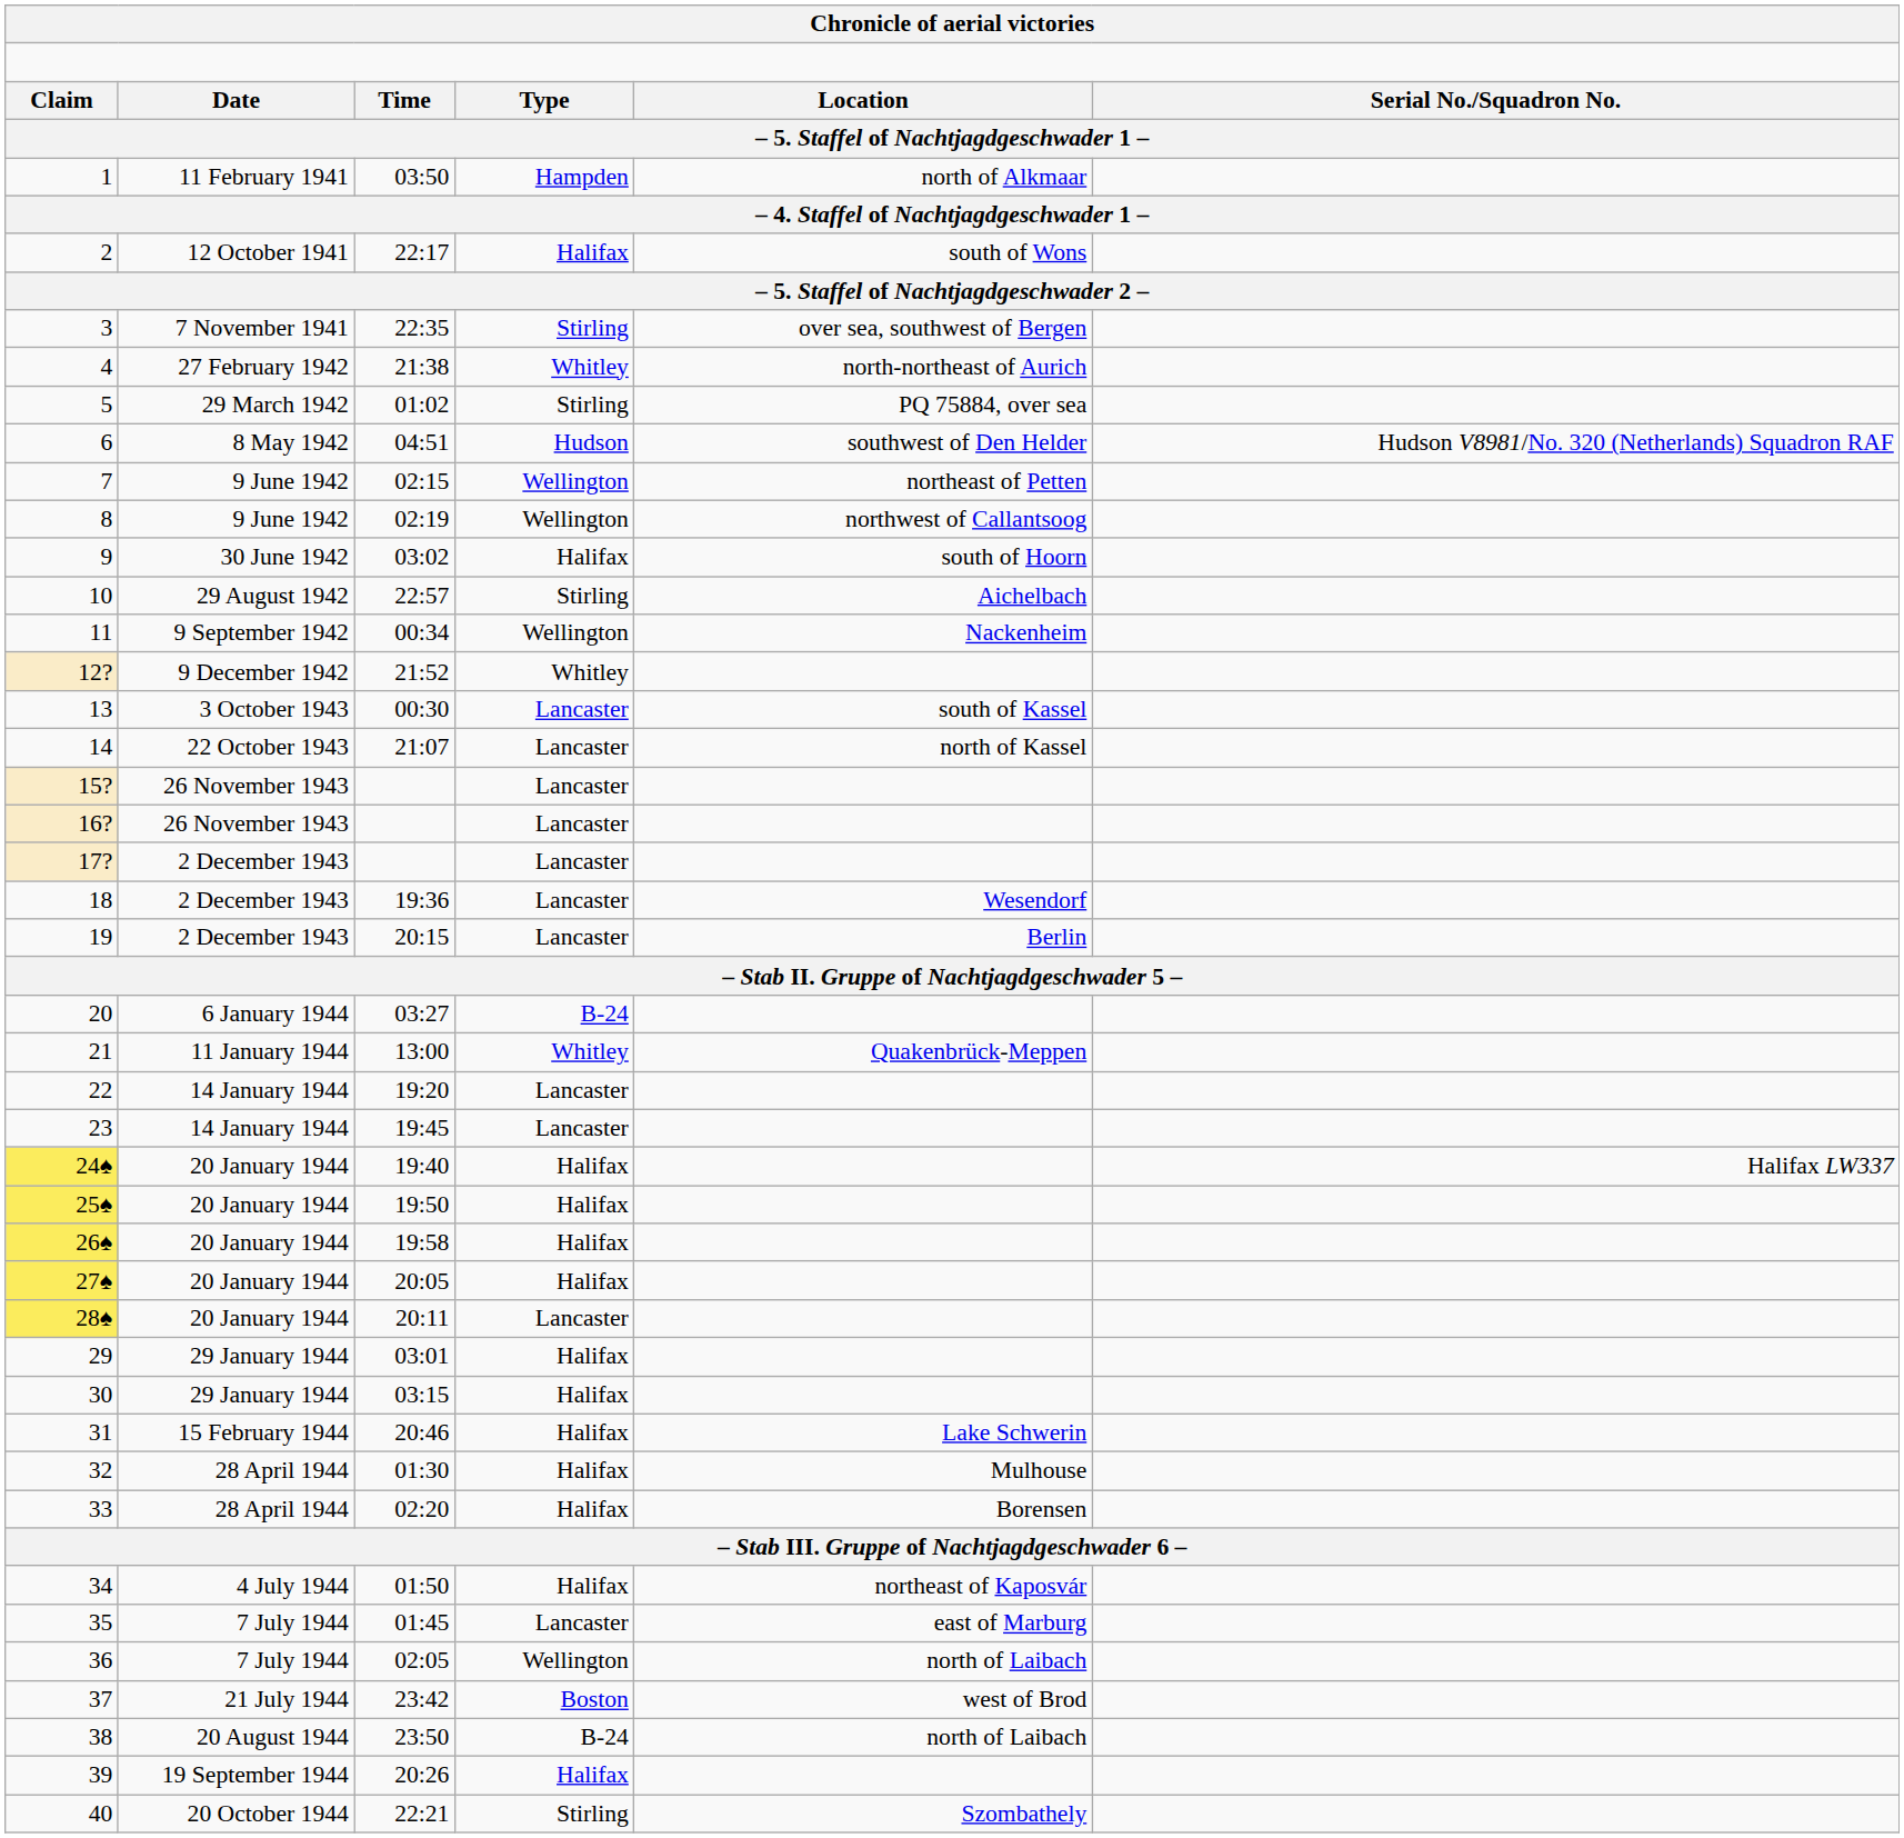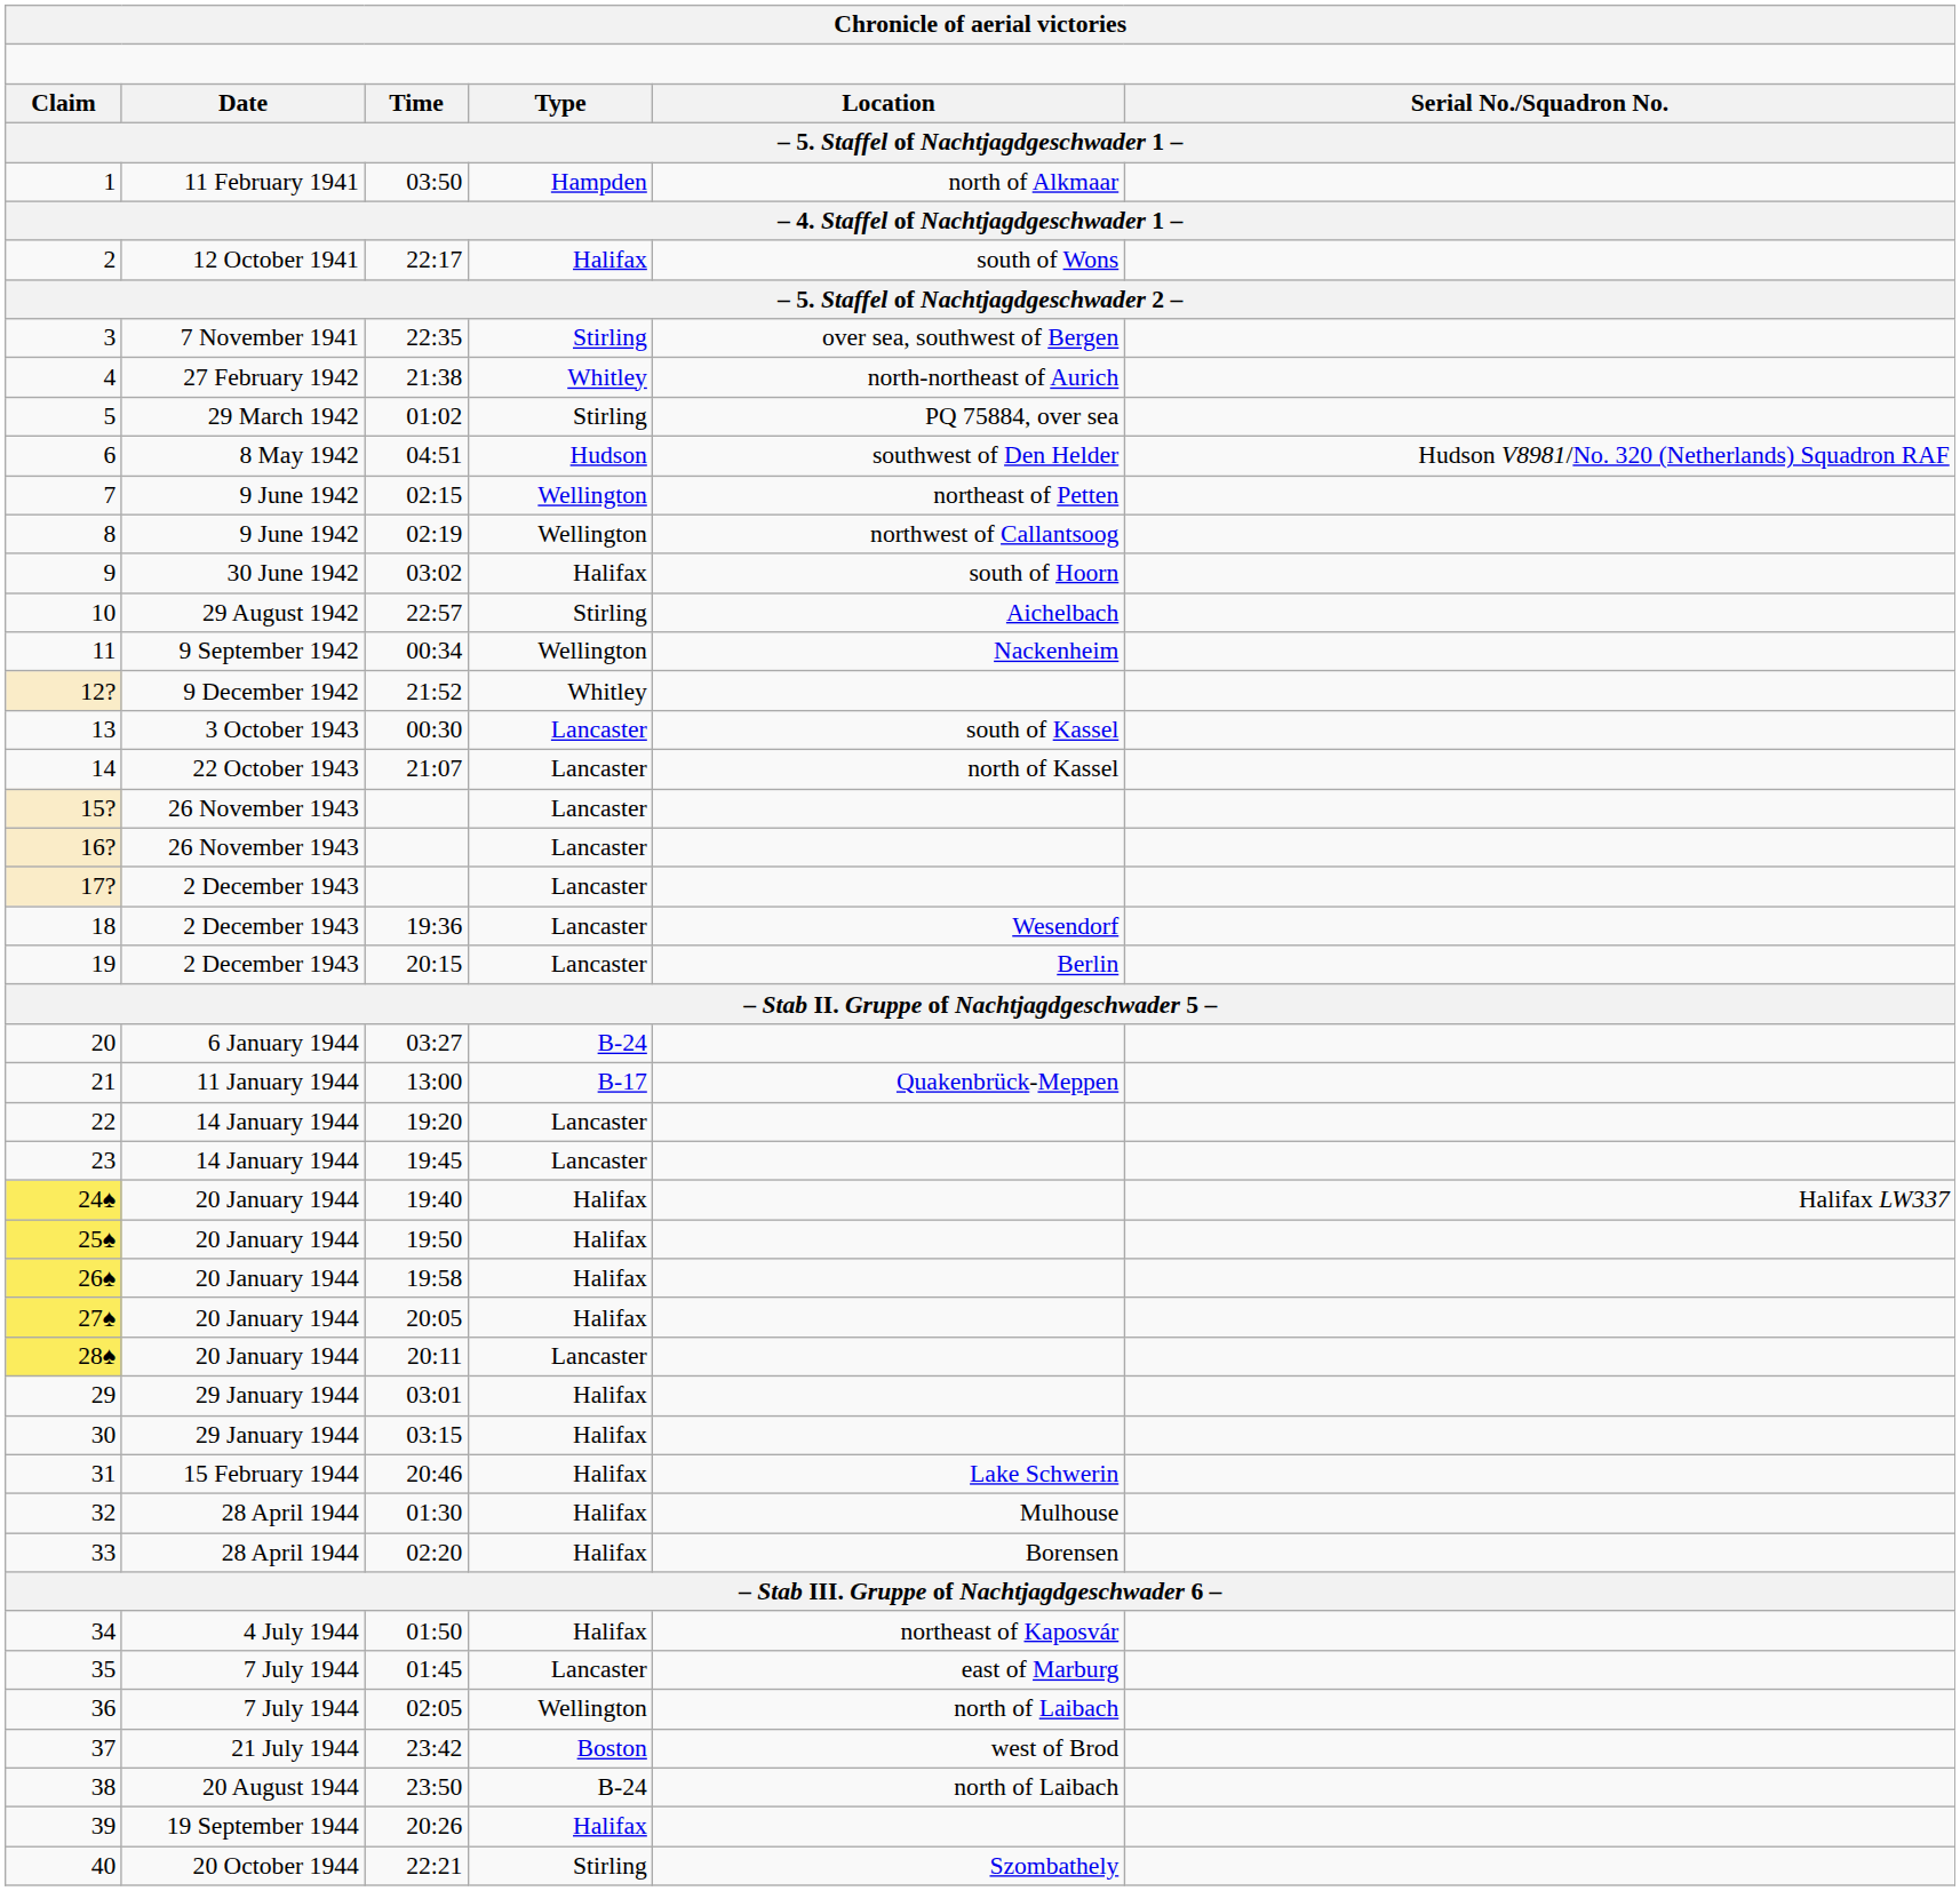 <table class="wikitable plainrowheaders collapsible" style="margin-left: auto; margin-right: auto; border: none; text-align:right; width: 100%;">
 <tr>
 <th colspan="6">Chronicle of aerial victories</th>
 </tr>
 <tr>
 <td colspan="6" style="text-align: left;"><br> </td>
 </tr>
 <tr>
 <th scope="col">Claim</th>
 <th scope="col" style="width:150px">Date</th>
 <th scope="col">Time</th>
 <th scope="col">Type</th>
 <th scope="col">Location</th>
 <th scope="col">Serial No./Squadron No.</th>
 </tr>
 <tr>
 <th colspan="6">– 5. <em>Staffel</em> of <em>Nachtjagdgeschwader</em> 1 –</th>
 </tr>
 <tr>
 <td>1</td>
 <td>11 February 1941</td>
 <td>03:50</td>
 <td><a href='#'>Hampden</a></td>
 <td> north of <a href='#'>Alkmaar</a></td>
 <td></td>
 </tr>
 <tr>
 <th colspan="6">– 4. <em>Staffel</em> of <em>Nachtjagdgeschwader</em> 1 –</th>
 </tr>
 <tr>
 <td>2</td>
 <td>12 October 1941</td>
 <td>22:17</td>
 <td><a href='#'>Halifax</a></td>
 <td> south of <a href='#'>Wons</a></td>
 <td></td>
 </tr>
 <tr>
 <th colspan="6">– 5. <em>Staffel</em> of <em>Nachtjagdgeschwader</em> 2 –</th>
 </tr>
 <tr>
 <td>3</td>
 <td>7 November 1941</td>
 <td>22:35</td>
 <td><a href='#'>Stirling</a></td>
 <td>over sea,  southwest of <a href='#'>Bergen</a></td>
 <td></td>
 </tr>
 <tr>
 <td>4</td>
 <td>27 February 1942</td>
 <td>21:38</td>
 <td><a href='#'>Whitley</a></td>
 <td> north-northeast of <a href='#'>Aurich</a></td>
 <td></td>
 </tr>
 <tr>
 <td>5</td>
 <td>29 March 1942</td>
 <td>01:02</td>
 <td>Stirling</td>
 <td>PQ 75884, over sea</td>
 <td></td>
 </tr>
 <tr>
 <td>6</td>
 <td>8 May 1942</td>
 <td>04:51</td>
 <td><a href='#'>Hudson</a></td>
 <td> southwest of <a href='#'>Den Helder</a></td>
 <td>Hudson <em>V8981</em>/<a href='#'>No. 320 (Netherlands) Squadron RAF</a></td>
 </tr>
 <tr>
 <td>7</td>
 <td>9 June 1942</td>
 <td>02:15</td>
 <td><a href='#'>Wellington</a></td>
 <td> northeast of <a href='#'>Petten</a></td>
 <td></td>
 </tr>
 <tr>
 <td>8</td>
 <td>9 June 1942</td>
 <td>02:19</td>
 <td>Wellington</td>
 <td>northwest of <a href='#'>Callantsoog</a></td>
 <td></td>
 </tr>
 <tr>
 <td>9</td>
 <td>30 June 1942</td>
 <td>03:02</td>
 <td>Halifax</td>
 <td>south of <a href='#'>Hoorn</a></td>
 <td></td>
 </tr>
 <tr>
 <td>10</td>
 <td>29 August 1942</td>
 <td>22:57</td>
 <td>Stirling</td>
 <td><a href='#'>Aichelbach</a></td>
 <td></td>
 </tr>
 <tr>
 <td>11</td>
 <td>9 September 1942</td>
 <td>00:34</td>
 <td>Wellington</td>
 <td><a href='#'>Nackenheim</a></td>
 <td></td>
 </tr>
 <tr>
 <td style="background:#faecc8">12?</td>
 <td>9 December 1942</td>
 <td>21:52</td>
 <td>Whitley</td>
 <td></td>
 <td></td>
 </tr>
 <tr>
 <td>13</td>
 <td>3 October 1943</td>
 <td>00:30</td>
 <td><a href='#'>Lancaster</a></td>
 <td> south of <a href='#'>Kassel</a></td>
 <td></td>
 </tr>
 <tr>
 <td>14</td>
 <td>22 October 1943</td>
 <td>21:07</td>
 <td>Lancaster</td>
 <td> north of Kassel</td>
 <td></td>
 </tr>
 <tr>
 <td style="background:#faecc8">15?</td>
 <td>26 November 1943</td>
 <td></td>
 <td>Lancaster</td>
 <td></td>
 <td></td>
 </tr>
 <tr>
 <td style="background:#faecc8">16?</td>
 <td>26 November 1943</td>
 <td></td>
 <td>Lancaster</td>
 <td></td>
 <td></td>
 </tr>
 <tr>
 <td style="background:#faecc8">17?</td>
 <td>2 December 1943</td>
 <td></td>
 <td>Lancaster</td>
 <td></td>
 <td></td>
 </tr>
 <tr>
 <td>18</td>
 <td>2 December 1943</td>
 <td>19:36</td>
 <td>Lancaster</td>
 <td><a href='#'>Wesendorf</a></td>
 <td></td>
 </tr>
 <tr>
 <td>19</td>
 <td>2 December 1943</td>
 <td>20:15</td>
 <td>Lancaster</td>
 <td><a href='#'>Berlin</a></td>
 <td></td>
 </tr>
 <tr>
 <th colspan="7">– <em>Stab</em> II. <em>Gruppe</em> of <em>Nachtjagdgeschwader</em> 5 –</th>
 </tr>
 <tr>
 <td>20</td>
 <td>6 January 1944</td>
 <td>03:27</td>
 <td><a href='#'>B-24</a></td>
 <td></td>
 <td></td>
 </tr>
 <tr>
 <td>21</td>
 <td>11 January 1944</td>
 <td>13:00</td>
-<td><a href='#'>Whitley</a></td>
+<td><a href='#'>B-17</a></td>
 <td><a href='#'>Quakenbrück</a>-<a href='#'>Meppen</a></td>
 <td></td>
 </tr>
 <tr>
 <td>22</td>
 <td>14 January 1944</td>
 <td>19:20</td>
 <td>Lancaster</td>
 <td></td>
 <td></td>
 </tr>
 <tr>
 <td>23</td>
 <td>14 January 1944</td>
 <td>19:45</td>
 <td>Lancaster</td>
 <td></td>
 <td></td>
 </tr>
 <tr>
 <td style="background:#fbec5d;">24♠</td>
 <td>20 January 1944</td>
 <td>19:40</td>
 <td>Halifax</td>
 <td></td>
 <td>Halifax <em>LW337</em></td>
 </tr>
 <tr>
 <td style="background:#fbec5d;">25♠</td>
 <td>20 January 1944</td>
 <td>19:50</td>
 <td>Halifax</td>
 <td></td>
 <td></td>
 </tr>
 <tr>
 <td style="background:#fbec5d;">26♠</td>
 <td>20 January 1944</td>
 <td>19:58</td>
 <td>Halifax</td>
 <td></td>
 <td></td>
 </tr>
 <tr>
 <td style="background:#fbec5d;">27♠</td>
 <td>20 January 1944</td>
 <td>20:05</td>
 <td>Halifax</td>
 <td></td>
 <td></td>
 </tr>
 <tr>
 <td style="background:#fbec5d;">28♠</td>
 <td>20 January 1944</td>
 <td>20:11</td>
 <td>Lancaster</td>
 <td></td>
 <td></td>
 </tr>
 <tr>
 <td>29</td>
 <td>29 January 1944</td>
 <td>03:01</td>
 <td>Halifax</td>
 <td></td>
 <td></td>
 </tr>
 <tr>
 <td>30</td>
 <td>29 January 1944</td>
 <td>03:15</td>
 <td>Halifax</td>
 <td></td>
 <td></td>
 </tr>
 <tr>
 <td>31</td>
 <td>15 February 1944</td>
 <td>20:46</td>
 <td>Halifax</td>
 <td><a href='#'>Lake Schwerin</a></td>
 <td></td>
 </tr>
 <tr>
 <td>32</td>
 <td>28 April 1944</td>
 <td>01:30</td>
 <td>Halifax</td>
 <td>Mulhouse</td>
 <td></td>
 </tr>
 <tr>
 <td>33</td>
 <td>28 April 1944</td>
 <td>02:20</td>
 <td>Halifax</td>
 <td>Borensen</td>
 <td></td>
 </tr>
 <tr>
 <th colspan="7">– <em>Stab</em> III. <em>Gruppe</em> of <em>Nachtjagdgeschwader</em> 6 –</th>
 </tr>
 <tr>
 <td>34</td>
 <td>4 July 1944</td>
 <td>01:50</td>
 <td>Halifax</td>
 <td> northeast of <a href='#'>Kaposvár</a></td>
 <td></td>
 </tr>
 <tr>
 <td>35</td>
 <td>7 July 1944</td>
 <td>01:45</td>
 <td>Lancaster</td>
 <td>east of <a href='#'>Marburg</a></td>
 <td></td>
 </tr>
 <tr>
 <td>36</td>
 <td>7 July 1944</td>
 <td>02:05</td>
 <td>Wellington</td>
 <td>north of <a href='#'>Laibach</a></td>
 <td></td>
 </tr>
 <tr>
 <td>37</td>
 <td>21 July 1944</td>
 <td>23:42</td>
 <td><a href='#'>Boston</a></td>
 <td>west of Brod</td>
 <td></td>
 </tr>
 <tr>
 <td>38</td>
 <td>20 August 1944</td>
 <td>23:50</td>
 <td>B-24</td>
 <td>north of Laibach</td>
 <td></td>
 </tr>
 <tr>
 <td>39</td>
 <td>19 September 1944</td>
 <td>20:26</td>
 <td><a href='#'>Halifax</a></td>
 <td></td>
 <td></td>
 </tr>
 <tr>
 <td>40</td>
 <td>20 October 1944</td>
 <td>22:21</td>
 <td>Stirling</td>
 <td><a href='#'>Szombathely</a></td>
 <td></td>
 </tr>
 </table>
